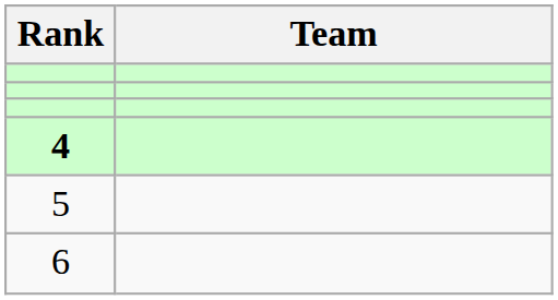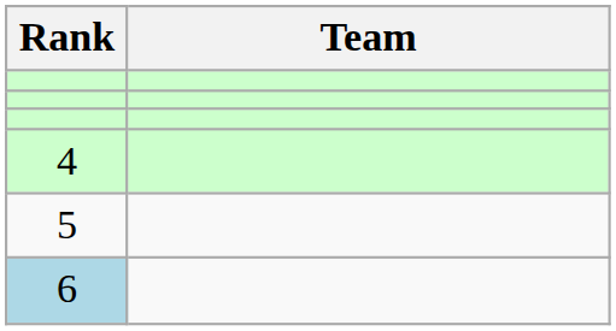 <table class="wikitable" style="text-align: center;">
 <tr>
 <th width=40>Rank</th>
 <th width=180>Team</th>
 </tr>
 <tr bgcolor=#CCFFCC>
 <td></td>
 <td align="left"></td>
 </tr>
 <tr bgcolor=#CCFFCC>
 <td></td>
 <td align="left"></td>
 </tr>
 <tr bgcolor=#CCFFCC>
 <td></td>
 <td align="left"></td>
 </tr>
 <tr bgcolor=#CCFFCC>
-<td><strong>4</strong></td>
+<td>4</td>
 <td align="left"></td>
 </tr>
 <tr>
 <td>5</td>
 <td align="left"></td>
 </tr>
 <tr>
-<td>6</td>
+<td style="background: lightblue;">6</td>
 <td align="left"></td>
 </tr>
 </table>
